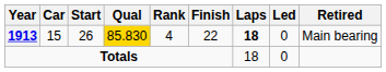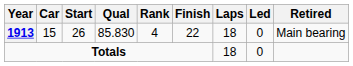 <table class="wikitable" style="text-align:center">
 <tr>
 <th>Year</th>
 <th>Car</th>
 <th>Start</th>
 <th>Qual</th>
 <th>Rank</th>
 <th>Finish</th>
 <th>Laps</th>
 <th>Led</th>
 <th>Retired</th>
 </tr>
 <tr>
 <th><a href='#'>1913</a></th>
 <td>15</td>
 <td>26</td>
-<td style="background: gold;">85.830</td>
+<td>85.830</td>
 <td>4</td>
 <td>22</td>
-<td><strong>18</strong></td>
+<td>18</td>
 <td>0</td>
 <td>Main bearing</td>
 </tr>
 <tr>
 <td colspan=6><strong>Totals</strong></td>
 <td>18</td>
 <td>0</td>
 <td></td>
 </tr>
 </table>
